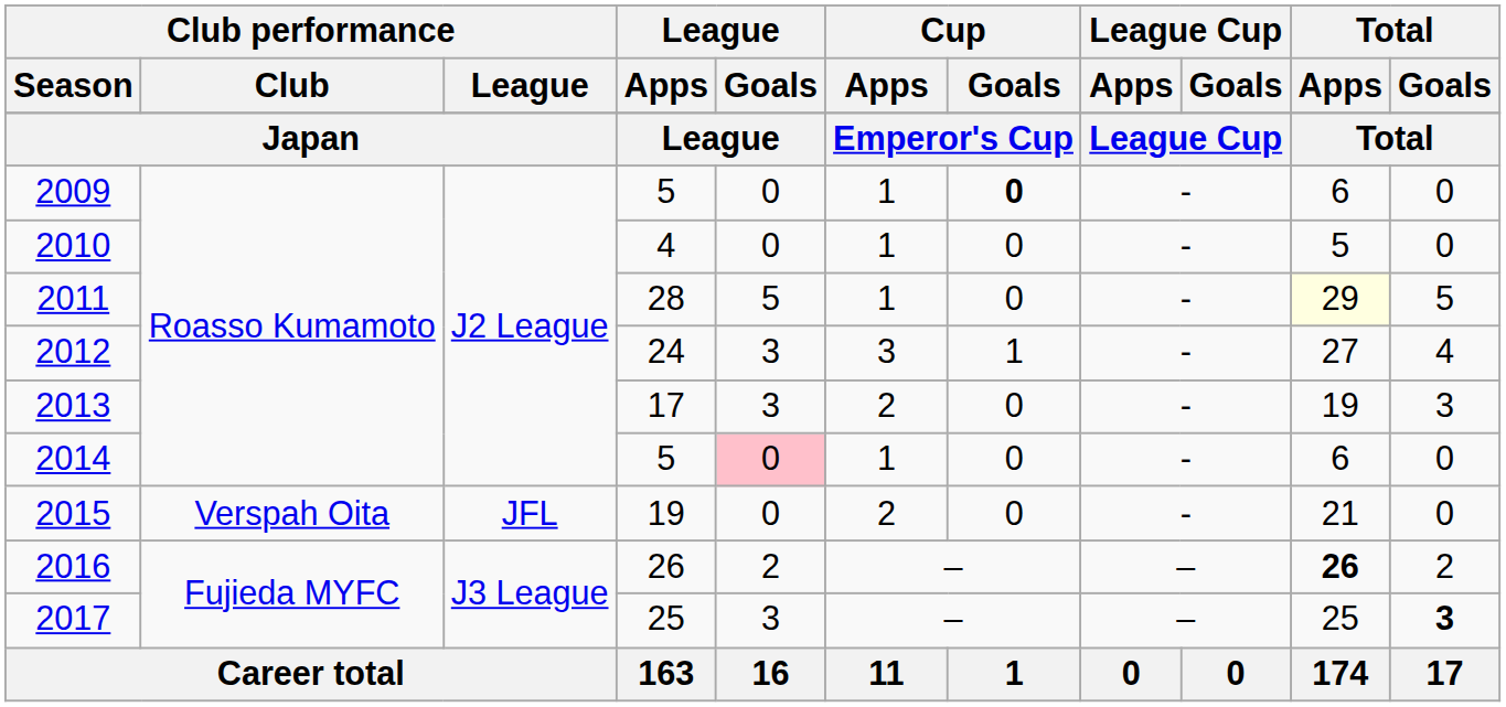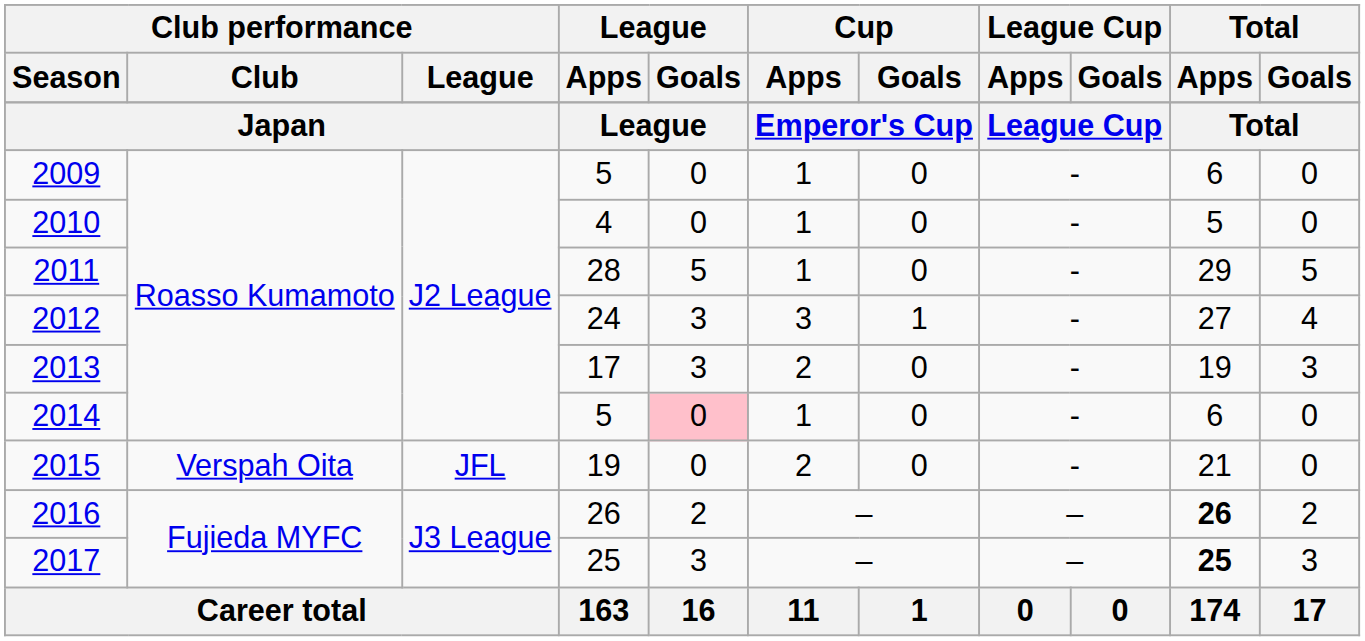 <table class="wikitable" style="text-align:center">
 <tr>
 <th colspan=3>Club performance</th>
 <th colspan=2>League</th>
 <th colspan=2>Cup</th>
 <th colspan=2>League Cup</th>
 <th colspan=2>Total</th>
 </tr>
 <tr>
 <th>Season</th>
 <th>Club</th>
 <th>League</th>
 <th>Apps</th>
 <th>Goals</th>
 <th>Apps</th>
 <th>Goals</th>
 <th>Apps</th>
 <th>Goals</th>
 <th>Apps</th>
 <th>Goals</th>
 </tr>
 <tr>
 </tr>
 <tr>
 <th colspan=3>Japan</th>
 <th colspan=2>League</th>
 <th colspan=2><a href='#'>Emperor's Cup</a></th>
 <th colspan=2><a href='#'>League Cup</a></th>
 <th colspan=2>Total</th>
 </tr>
 <tr>
 <td><a href='#'>2009</a></td>
 <td rowspan="6"><a href='#'>Roasso Kumamoto</a></td>
 <td rowspan="6"><a href='#'>J2 League</a></td>
 <td>5</td>
 <td>0</td>
 <td>1</td>
-<td><strong>0</strong></td>
+<td>0</td>
 <td colspan="2">-</td>
 <td>6</td>
 <td>0</td>
 </tr>
 <tr>
 <td><a href='#'>2010</a></td>
 <td>4</td>
 <td>0</td>
 <td>1</td>
 <td>0</td>
 <td colspan="2">-</td>
 <td>5</td>
 <td>0</td>
 </tr>
 <tr>
 <td><a href='#'>2011</a></td>
 <td>28</td>
 <td>5</td>
 <td>1</td>
 <td>0</td>
 <td colspan="2">-</td>
-<td style="background: lightyellow;">29</td>
+<td>29</td>
 <td>5</td>
 </tr>
 <tr>
 <td><a href='#'>2012</a></td>
 <td>24</td>
 <td>3</td>
 <td>3</td>
 <td>1</td>
 <td colspan="2">-</td>
 <td>27</td>
 <td>4</td>
 </tr>
 <tr>
 <td><a href='#'>2013</a></td>
 <td>17</td>
 <td>3</td>
 <td>2</td>
 <td>0</td>
 <td colspan="2">-</td>
 <td>19</td>
 <td>3</td>
 </tr>
 <tr>
 <td><a href='#'>2014</a></td>
 <td>5</td>
 <td style="background: pink;">0</td>
 <td>1</td>
 <td>0</td>
 <td colspan="2">-</td>
 <td>6</td>
 <td>0</td>
 </tr>
 <tr>
 <td><a href='#'>2015</a></td>
 <td><a href='#'>Verspah Oita</a></td>
 <td><a href='#'>JFL</a></td>
 <td>19</td>
 <td>0</td>
 <td>2</td>
 <td>0</td>
 <td colspan="2">-</td>
 <td>21</td>
 <td>0</td>
 </tr>
 <tr>
 <td><a href='#'>2016</a></td>
 <td rowspan="2"><a href='#'>Fujieda MYFC</a></td>
 <td rowspan="2"><a href='#'>J3 League</a></td>
 <td>26</td>
 <td>2</td>
 <td colspan="2">–</td>
 <td colspan="2">–</td>
 <td><strong>26</strong></td>
 <td>2</td>
 </tr>
 <tr>
 <td><a href='#'>2017</a></td>
 <td>25</td>
 <td>3</td>
 <td colspan="2">–</td>
 <td colspan="2">–</td>
-<td>25</td>
-<td><strong>3</strong></td>
+<td><strong>25</strong></td>
+<td>3</td>
 </tr>
 <tr>
 <th colspan=3>Career total</th>
 <th>163</th>
 <th>16</th>
 <th>11</th>
 <th>1</th>
 <th>0</th>
 <th>0</th>
 <th>174</th>
 <th>17</th>
 </tr>
 </table>
